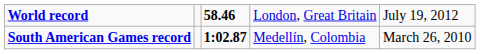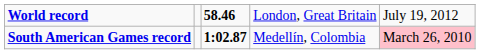 <table class="wikitable">
 <tr>
 <td><strong><a href='#'>World record</a></strong></td>
 <td></td>
 <td><strong>58.46</strong></td>
 <td><a href='#'>London</a>, <a href='#'>Great Britain</a></td>
 <td>July 19, 2012</td>
 </tr>
 <tr>
 <td><strong><a href='#'>South American Games record</a></strong></td>
 <td></td>
 <td><strong>1:02.87</strong></td>
 <td><a href='#'>Medellín</a>, <a href='#'>Colombia</a></td>
-<td>March 26, 2010</td>
+<td style="background: pink;">March 26, 2010</td>
 </tr>
 </table>
